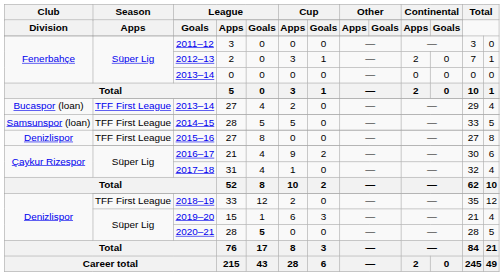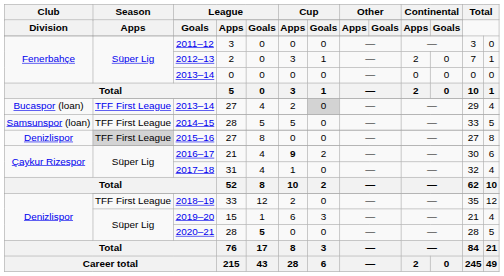 <table class="wikitable" style="text-align:center">
 <tr>
 <th rowspan="2">Club</th>
 <th rowspan="2">Season</th>
 <th colspan="3">League</th>
 <th colspan="2">Cup</th>
 <th colspan="2">Other</th>
 <th colspan="2">Continental</th>
 <th colspan="2">Total</th>
 </tr>
 <tr>
 </tr>
 <tr>
 <th>Division</th>
 <th>Apps</th>
 <th>Goals</th>
 <th>Apps</th>
 <th>Goals</th>
 <th>Apps</th>
 <th>Goals</th>
 <th>Apps</th>
 <th>Goals</th>
 <th>Apps</th>
 <th>Goals</th>
 </tr>
 <tr>
 </tr>
 <tr style="text-align:center;">
 <td rowspan="4" valign="center"><a href='#'>Fenerbahçe</a></td>
 </tr>
 <tr>
 <td rowspan="3"><a href='#'>Süper Lig</a></td>
 <td><a href='#'>2011–12</a></td>
 <td>3</td>
 <td>0</td>
 <td>0</td>
 <td>0</td>
 <td colspan="2">—</td>
 <td colspan="2">—</td>
 <td>3</td>
 <td>0</td>
 </tr>
 <tr>
 <td><a href='#'>2012–13</a></td>
 <td>2</td>
 <td>0</td>
 <td>3</td>
 <td>1</td>
 <td colspan="2">—</td>
 <td>2</td>
 <td>0</td>
 <td>7</td>
 <td>1</td>
 </tr>
 <tr>
 <td><a href='#'>2013–14</a></td>
 <td>0</td>
 <td>0</td>
 <td>0</td>
 <td>0</td>
 <td colspan="2">—</td>
 <td>0</td>
 <td>0</td>
 <td>0</td>
 <td>0</td>
 </tr>
 <tr>
 <th colspan=3>Total</th>
 <th>5</th>
 <th>0</th>
 <th>3</th>
 <th>1</th>
 <th colspan="2">—</th>
 <th>2</th>
 <th>0</th>
 <th>10</th>
 <th>1</th>
 </tr>
 <tr>
 <td rowspan="2" valign="center"><a href='#'>Bucaspor</a> (loan)</td>
 </tr>
 <tr>
 <td><a href='#'>TFF First League</a></td>
 <td><a href='#'>2013–14</a></td>
 <td>27</td>
 <td>4</td>
 <td>2</td>
-<td>0</td>
+<td style="background: lightgrey;">0</td>
 <td colspan="2">—</td>
 <td colspan="2">—</td>
 <td>29</td>
 <td>4</td>
 </tr>
 <tr>
 <td rowspan="2" valign="center"><a href='#'>Samsunspor</a> (loan)</td>
 </tr>
 <tr>
 <td>TFF First League</td>
 <td><a href='#'>2014–15</a></td>
 <td>28</td>
 <td>5</td>
 <td>5</td>
 <td>0</td>
 <td colspan="2">—</td>
 <td colspan="2">—</td>
 <td>33</td>
 <td>5</td>
 </tr>
 <tr>
 <td rowspan="2" valign="center"><a href='#'>Denizlispor</a></td>
 </tr>
 <tr>
-<td>TFF First League</td>
+<td style="background: lightgrey;">TFF First League</td>
 <td><a href='#'>2015–16</a></td>
 <td>27</td>
 <td>8</td>
 <td>0</td>
 <td>0</td>
 <td colspan="2">—</td>
 <td colspan="2">—</td>
 <td>27</td>
 <td>8</td>
 </tr>
 <tr>
 <td rowspan="3" valign="center"><a href='#'>Çaykur Rizespor</a></td>
 </tr>
 <tr>
 <td rowspan="2">Süper Lig</td>
 <td><a href='#'>2016–17</a></td>
 <td>21</td>
 <td>4</td>
-<td>9</td>
+<td><strong>9</strong></td>
 <td>2</td>
 <td colspan="2">—</td>
 <td colspan="2">—</td>
 <td>30</td>
 <td>6</td>
 </tr>
 <tr>
 <td><a href='#'>2017–18</a></td>
 <td>31</td>
 <td>4</td>
 <td>1</td>
 <td>0</td>
 <td colspan="2">—</td>
 <td colspan="2">—</td>
 <td>32</td>
 <td>4</td>
 </tr>
 <tr>
 <th colspan=3>Total</th>
 <th>52</th>
 <th>8</th>
 <th>10</th>
 <th>2</th>
 <th colspan="2">—</th>
 <th colspan="2">—</th>
 <th>62</th>
 <th>10</th>
 </tr>
 <tr>
 <td rowspan="4" valign="center"><a href='#'>Denizlispor</a></td>
 </tr>
 <tr>
 <td>TFF First League</td>
 <td><a href='#'>2018–19</a></td>
 <td>33</td>
 <td>12</td>
 <td>2</td>
 <td>0</td>
 <td colspan="2">—</td>
 <td colspan="2">—</td>
 <td>35</td>
 <td>12</td>
 </tr>
 <tr>
 <td rowspan="2">Süper Lig</td>
 <td><a href='#'>2019–20</a></td>
 <td>15</td>
 <td>1</td>
 <td>6</td>
 <td>3</td>
 <td colspan="2">—</td>
 <td colspan="2">—</td>
 <td>21</td>
 <td>4</td>
 </tr>
 <tr>
 <td><a href='#'>2020–21</a></td>
 <td>28</td>
 <td><strong>5</strong></td>
 <td>0</td>
 <td>0</td>
 <td colspan="2">—</td>
 <td colspan="2">—</td>
 <td>28</td>
 <td>5</td>
 </tr>
 <tr>
 <th colspan=3>Total</th>
 <th>76</th>
 <th>17</th>
 <th>8</th>
 <th>3</th>
 <th colspan="2">—</th>
 <th colspan="2">—</th>
 <th>84</th>
 <th>21</th>
 </tr>
 <tr>
 <th colspan=3>Career total</th>
 <th>215</th>
 <th>43</th>
 <th>28</th>
 <th>6</th>
 <th colspan="2">—</th>
 <th>2</th>
 <th>0</th>
 <th>245</th>
 <th>49</th>
 </tr>
 </table>
